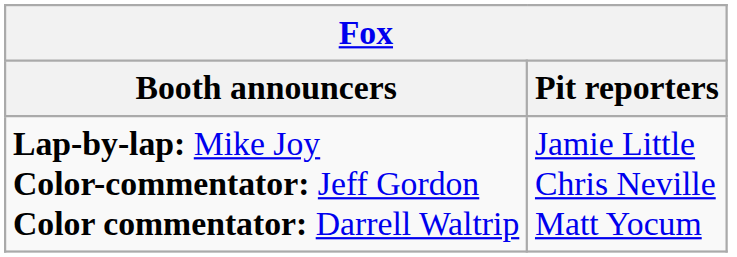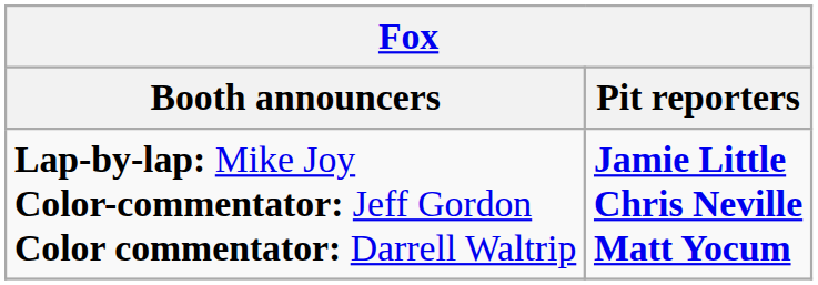 <table class="wikitable" style="font-size: 95%;">
 <tr>
 <th colspan="2"><a href='#'>Fox</a></th>
 </tr>
 <tr>
 <th>Booth announcers</th>
 <th>Pit reporters</th>
 </tr>
 <tr>
 <td><strong>Lap-by-lap:</strong> <a href='#'>Mike Joy</a><br><strong>Color-commentator:</strong> <a href='#'>Jeff Gordon</a><br><strong>Color commentator:</strong> <a href='#'>Darrell Waltrip</a></td>
-<td><a href='#'>Jamie Little</a><br><a href='#'>Chris Neville</a><br><a href='#'>Matt Yocum</a></td>
+<td><strong><a href='#'>Jamie Little</a><br><a href='#'>Chris Neville</a><br><a href='#'>Matt Yocum</a></strong></td>
 </tr>
 </table>
